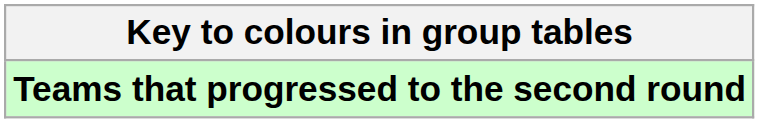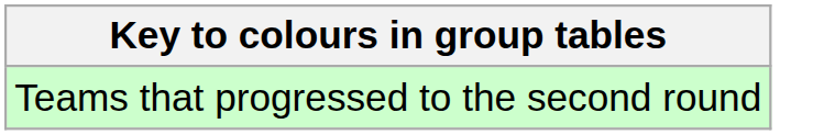 <table class="wikitable">
 <tr>
 <th>Key to colours in group tables</th>
 </tr>
 <tr bgcolor=#ccffcc>
-<td><strong>Teams that progressed to the second round</strong></td>
+<td>Teams that progressed to the second round</td>
 </tr>
 </table>
